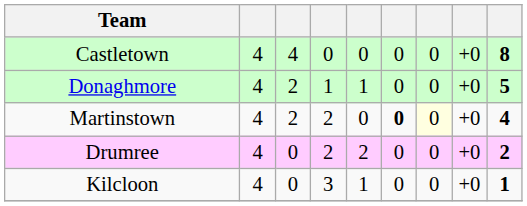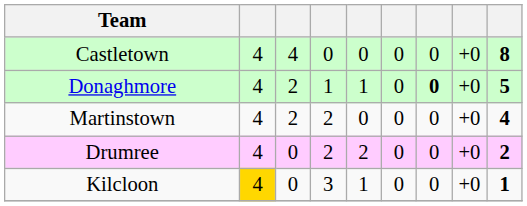 <table class="wikitable" style="text-align:center">
 <tr>
 <th width="175">Team</th>
 <th width="20"></th>
 <th width="20"></th>
 <th width="20"></th>
 <th width="20"></th>
 <th width="20"></th>
 <th width="20"></th>
 <th width="20"></th>
 <th width="20"></th>
 </tr>
 <tr style="background:#cfc;">
 <td>Castletown</td>
 <td>4</td>
 <td>4</td>
 <td>0</td>
 <td>0</td>
 <td>0</td>
 <td>0</td>
 <td>+0</td>
 <td><strong>8</strong></td>
 </tr>
 <tr style="background:#cfc;">
 <td><a href='#'>Donaghmore</a></td>
 <td>4</td>
 <td>2</td>
 <td>1</td>
 <td>1</td>
 <td>0</td>
-<td>0</td>
+<td><strong>0</strong></td>
 <td>+0</td>
 <td><strong>5</strong></td>
 </tr>
 <tr>
 <td>Martinstown</td>
 <td>4</td>
 <td>2</td>
 <td>2</td>
 <td>0</td>
-<td><strong>0</strong></td>
-<td style="background: lightyellow;">0</td>
+<td>0</td>
+<td>0</td>
 <td>+0</td>
 <td><strong>4</strong></td>
 </tr>
 <tr style="background:#fcf;">
 <td>Drumree</td>
 <td>4</td>
 <td>0</td>
 <td>2</td>
 <td>2</td>
 <td>0</td>
 <td>0</td>
 <td>+0</td>
 <td><strong>2</strong></td>
 </tr>
 <tr>
 <td>Kilcloon</td>
-<td>4</td>
+<td style="background: gold;">4</td>
 <td>0</td>
 <td>3</td>
 <td>1</td>
 <td>0</td>
 <td>0</td>
 <td>+0</td>
 <td><strong>1</strong></td>
 </tr>
 <tr>
 </tr>
 </table>
